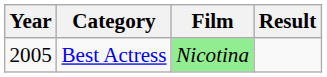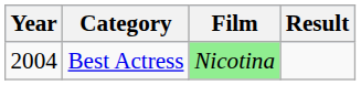 <table class="wikitable">
 <tr style="background:#b0c4de;">
 <th>Year</th>
 <th>Category</th>
 <th>Film</th>
 <th>Result</th>
 </tr>
 <tr>
-<td>2005</td>
+<td>2004</td>
 <td><a href='#'>Best Actress</a></td>
 <td style="background: lightgreen;"><em>Nicotina</em></td>
 <td></td>
 </tr>
 </table>
